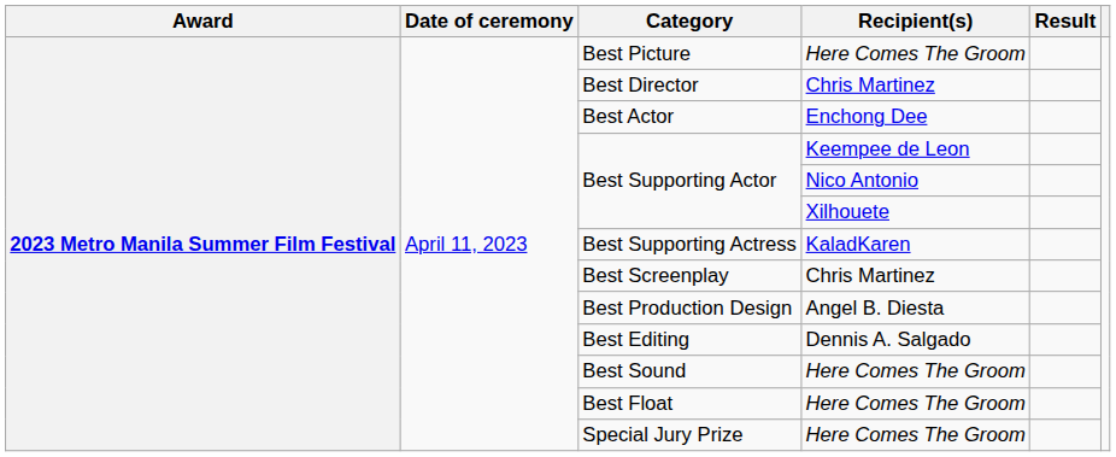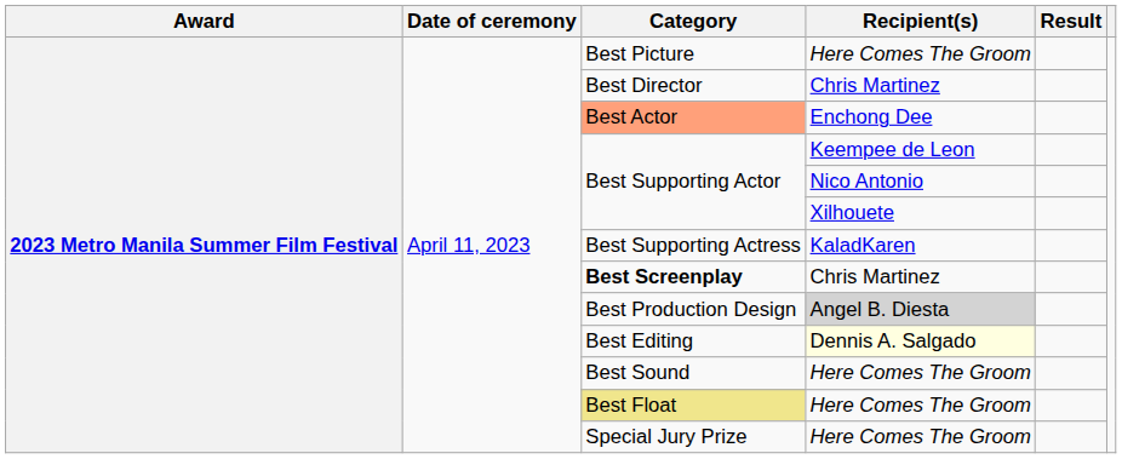 <table class="wikitable sortable plainrowheaders">
 <tr>
 <th scope="col">Award</th>
 <th scope="col" data-sort-type="date">Date of ceremony</th>
 <th scope="col">Category</th>
 <th scope="col">Recipient(s)</th>
 <th scope="col">Result</th>
 <th scope="col" class="unsortable"></th>
 </tr>
 <tr>
 <th scope="row" rowspan="13"><a href='#'>2023 Metro Manila Summer Film Festival</a></th>
 <td rowspan="13"><a href='#'>April 11, 2023</a></td>
 <td>Best Picture</td>
 <td><em>Here Comes The Groom</em></td>
 <td></td>
 <td rowspan="13"></td>
 </tr>
 <tr>
 <td>Best Director</td>
 <td><a href='#'>Chris Martinez</a></td>
 <td></td>
 </tr>
 <tr>
-<td>Best Actor</td>
+<td style="background: lightsalmon;">Best Actor</td>
 <td><a href='#'>Enchong Dee</a></td>
 <td></td>
 </tr>
 <tr>
 <td rowspan="3">Best Supporting Actor</td>
 <td><a href='#'>Keempee de Leon</a></td>
 <td></td>
 </tr>
 <tr>
 <td><a href='#'>Nico Antonio</a></td>
 <td></td>
 </tr>
 <tr>
 <td><a href='#'>Xilhouete</a></td>
 <td></td>
 </tr>
 <tr>
 <td>Best Supporting Actress</td>
 <td><a href='#'>KaladKaren</a></td>
 <td></td>
 </tr>
 <tr>
-<td>Best Screenplay</td>
+<td><strong>Best Screenplay</strong></td>
 <td>Chris Martinez</td>
 <td></td>
 </tr>
 <tr>
 <td>Best Production Design</td>
-<td>Angel B. Diesta</td>
+<td style="background: lightgrey;">Angel B. Diesta</td>
 <td></td>
 </tr>
 <tr>
 <td>Best Editing</td>
-<td>Dennis A. Salgado</td>
+<td style="background: lightyellow;">Dennis A. Salgado</td>
 <td></td>
 </tr>
 <tr>
 <td>Best Sound</td>
 <td><em>Here Comes The Groom</em></td>
 <td></td>
 </tr>
 <tr>
-<td>Best Float</td>
+<td style="background: khaki;">Best Float</td>
 <td><em>Here Comes The Groom</em></td>
 <td></td>
 </tr>
 <tr>
 <td>Special Jury Prize</td>
 <td><em>Here Comes The Groom</em></td>
 <td></td>
 </tr>
 </table>
